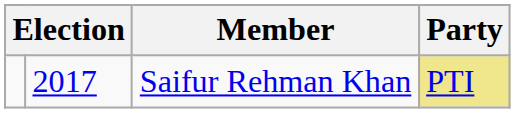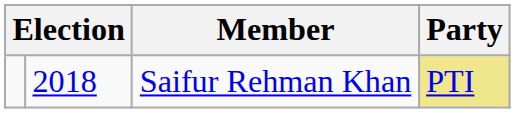 <table class="wikitable">
 <tr>
 <th colspan="2">Election</th>
 <th>Member</th>
 <th>Party</th>
 </tr>
 <tr>
 <td style="background-color: "></td>
-<td><a href='#'>2017</a></td>
+<td><a href='#'>2018</a></td>
 <td><a href='#'>Saifur Rehman Khan</a></td>
 <td style="background: khaki;"><a href='#'>PTI</a></td>
 </tr>
 </table>
